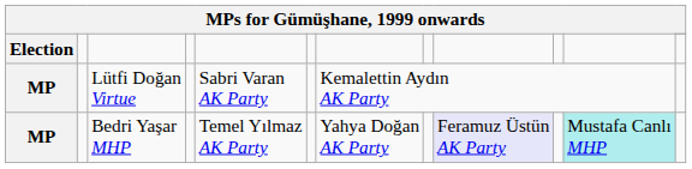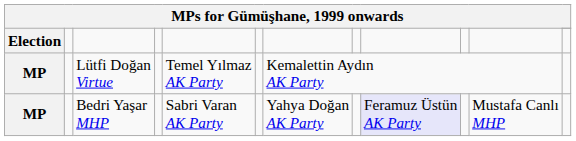 <table class="wikitable">
 <tr>
 <th colspan = 12>MPs for Gümüşhane, 1999 onwards</th>
 </tr>
 <tr>
 <th rowspan = 2>Election</th>
 <td rowspan="2" style="width:1px;"></td>
 <td rowspan = 2></td>
 <td rowspan="2" style="width:1px;"></td>
 <td rowspan = 2></td>
 <td rowspan="2" style="width:1px;"></td>
 <td rowspan = 2></td>
 <td rowspan="2" style="width:1px;"></td>
 <td rowspan = 2></td>
 <td rowspan="2" style="width:1px;"></td>
 <td rowspan = 2></td>
 </tr>
 <tr>
 <td></td>
 </tr>
 <tr>
 <th>MP</th>
 <td width=1px style="background-color: "></td>
 <td colspan = 1>Lütfi Doğan<br><em><a href='#'>Virtue</a></em></td>
 <td width=1px style="background-color: "></td>
-<td colspan = 1>Sabri Varan<br><em><a href='#'>AK Party</a></em></td>
+<td colspan = 1>Temel Yılmaz<br><em><a href='#'>AK Party</a></em></td>
 <td width=1px style="background-color: "></td>
 <td colspan = 5>Kemalettin Aydın<br><em><a href='#'>AK Party</a></em></td>
 <td width=1px style="background-color: "></td>
 </tr>
 <tr>
 <th>MP</th>
 <td width=1px style="background-color: "></td>
 <td colspan = 1>Bedri Yaşar<br><em><a href='#'>MHP</a></em></td>
 <td width=1px style="background-color: "></td>
-<td colspan = 1>Temel Yılmaz<br><em><a href='#'>AK Party</a></em></td>
+<td colspan = 1>Sabri Varan<br><em><a href='#'>AK Party</a></em></td>
 <td width=1px style="background-color: "></td>
 <td colspan = 1>Yahya Doğan<br><em><a href='#'>AK Party</a></em></td>
 <td width=1px style="background-color: "></td>
 <td colspan = 1 style="background: lavender;">Feramuz Üstün<br><em><a href='#'>AK Party</a></em></td>
 <td width=1px style="background-color: "></td>
-<td colspan = 1 style="background: paleturquoise;">Mustafa Canlı<br><em><a href='#'>MHP</a></em></td>
+<td colspan = 1>Mustafa Canlı<br><em><a href='#'>MHP</a></em></td>
 <td width=1px style="background-color: "></td>
 </tr>
 </table>
